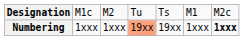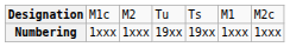 <table class="wikitable">
 <tr>
 <th>Designation</th>
 <td>M1c</td>
 <td>M2</td>
 <td>Tu</td>
 <td>Ts</td>
 <td>M1</td>
 <td>M2c</td>
 </tr>
 <tr>
 <th>Numbering</th>
 <td>1xxx</td>
 <td>1xxx</td>
-<td style="background: lightsalmon;">19xx</td>
+<td>19xx</td>
 <td>19xx</td>
 <td>1xxx</td>
-<td><strong>1xxx</strong></td>
+<td>1xxx</td>
 </tr>
 </table>
